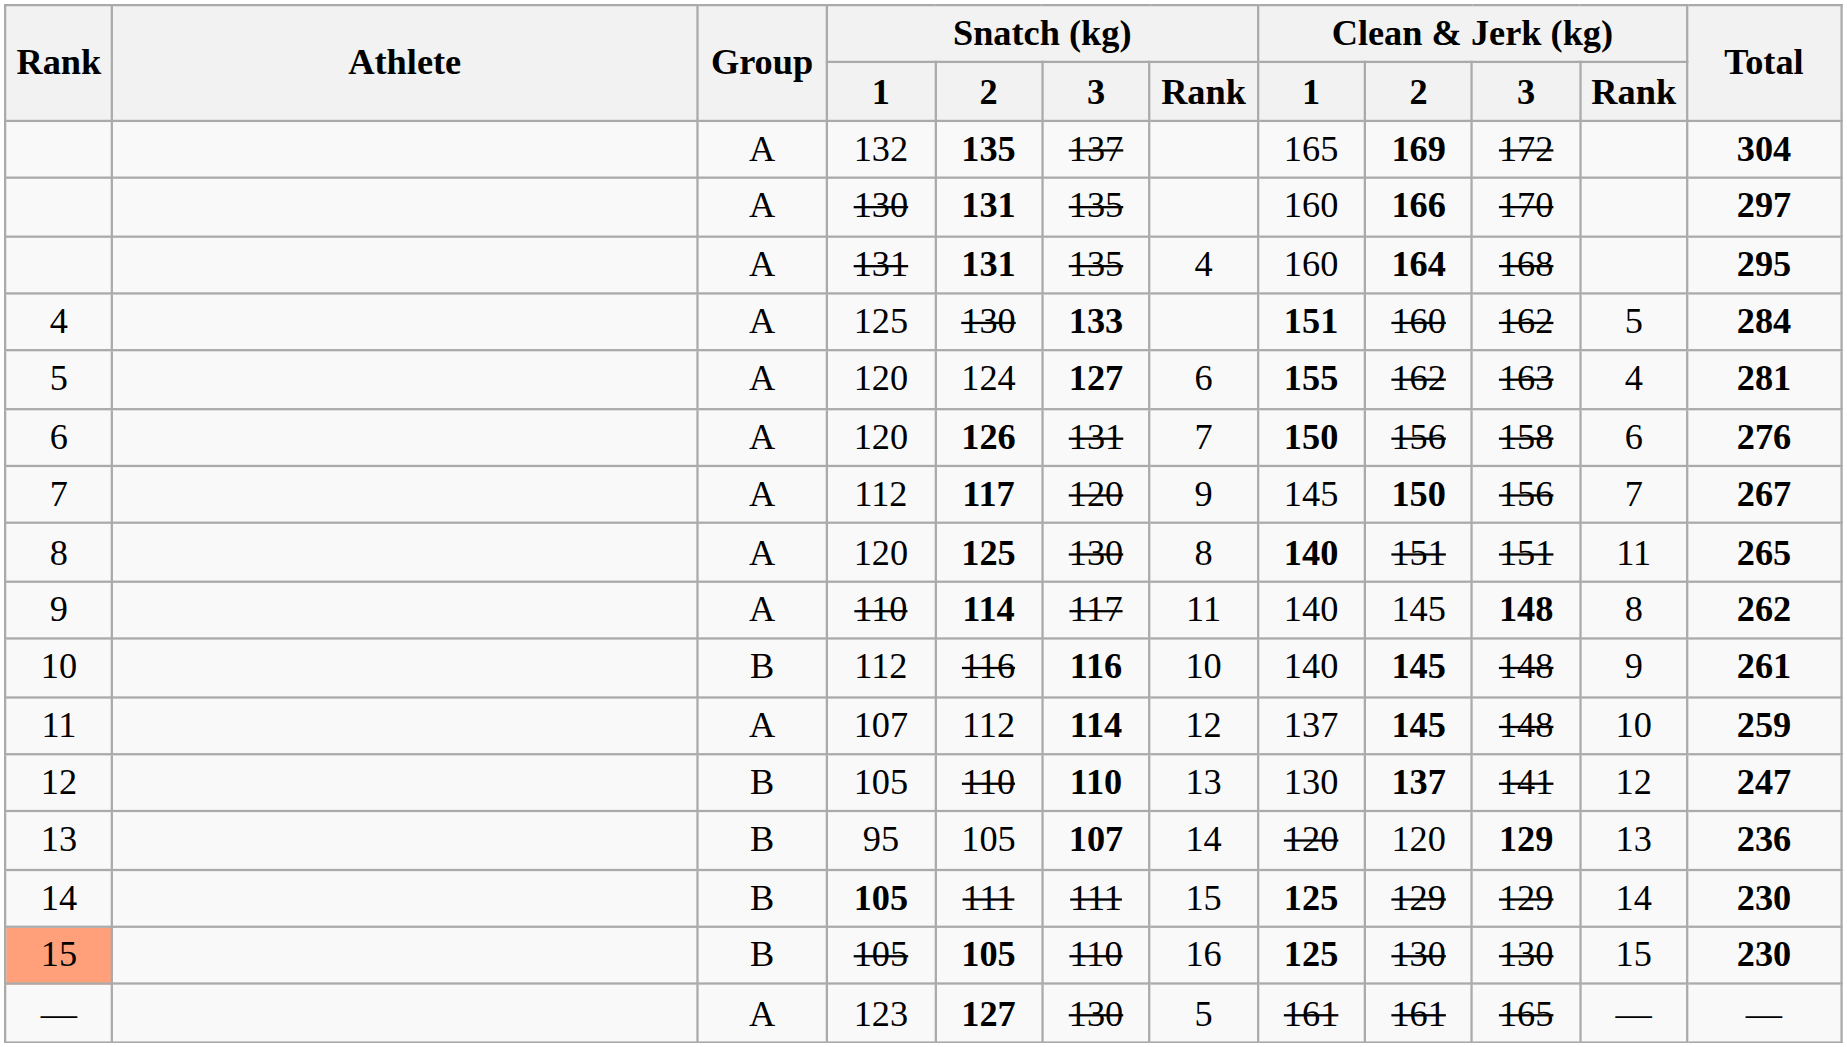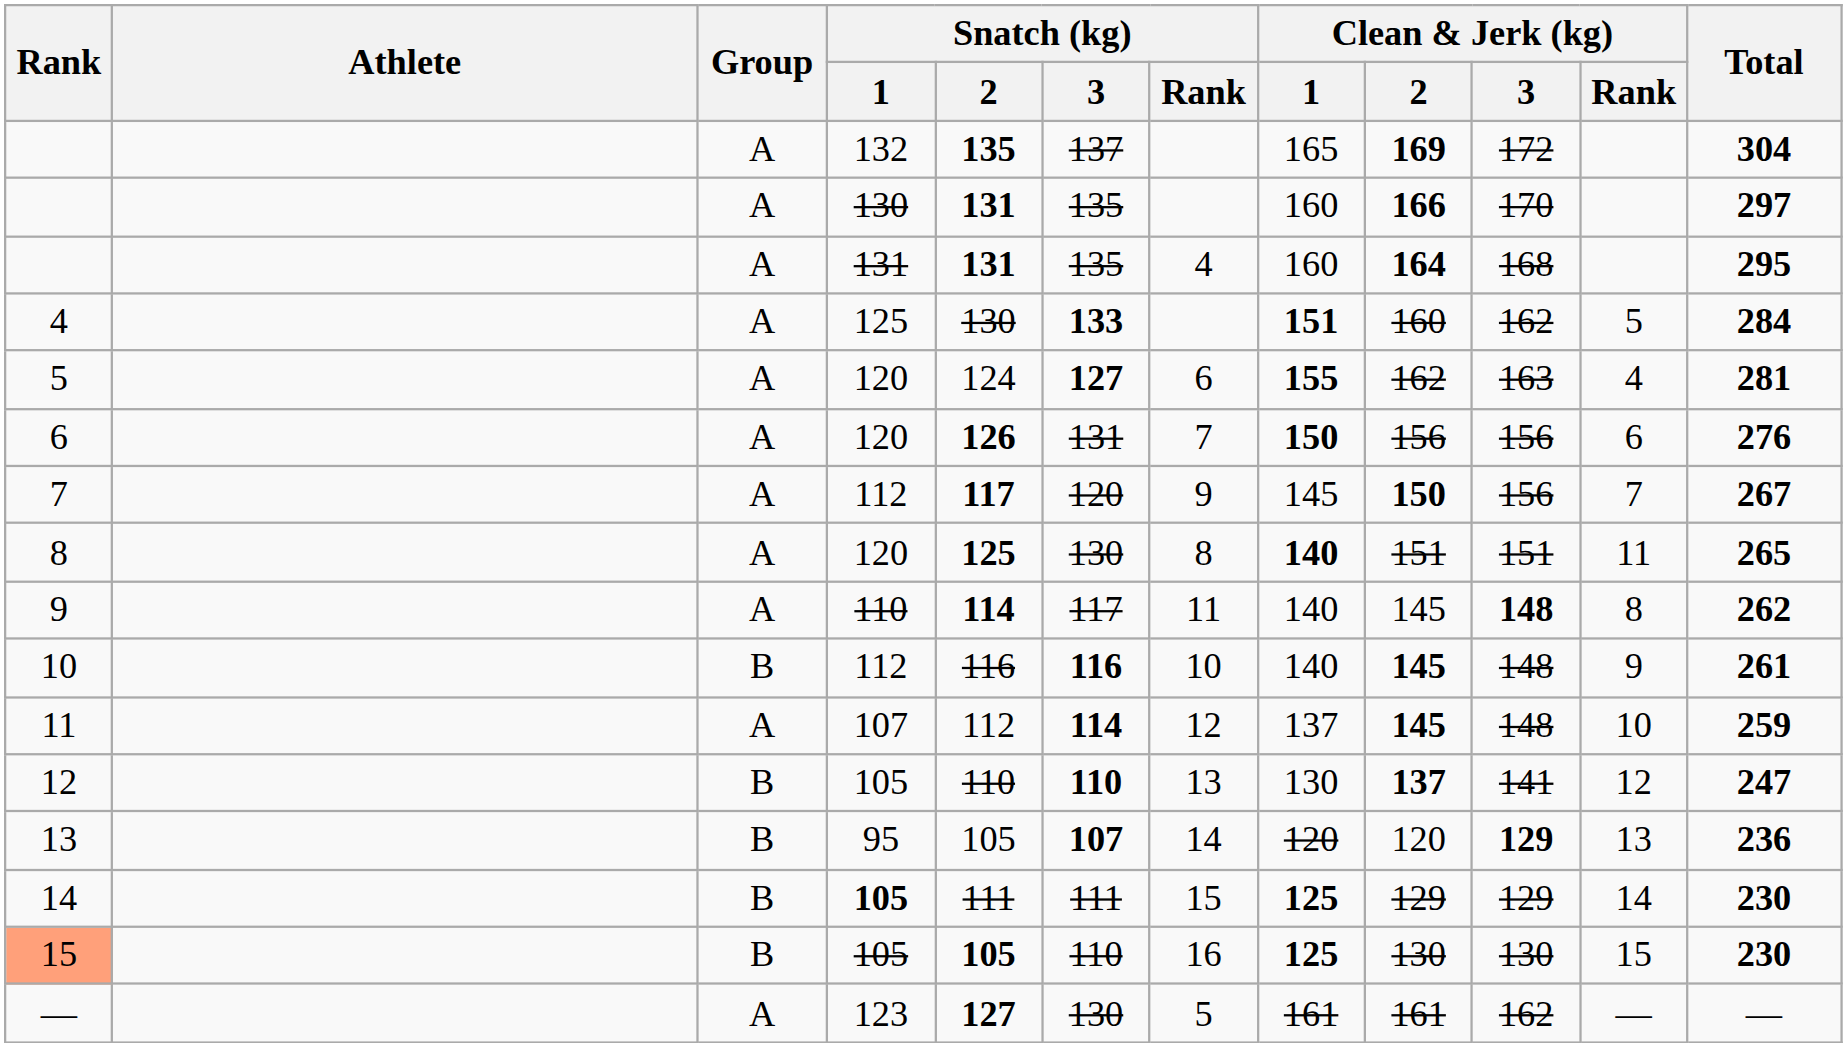 <table class = "wikitable" style="text-align:center;">
 <tr>
 <th rowspan=2 width=40>Rank</th>
 <th rowspan=2 width=250>Athlete</th>
 <th rowspan=2 width=50>Group</th>
 <th colspan=4>Snatch (kg)</th>
 <th colspan=4>Clean & Jerk (kg)</th>
 <th rowspan=2 width=60>Total</th>
 </tr>
 <tr>
 <th width=40>1</th>
 <th width=40>2</th>
 <th width=40>3</th>
 <th width=40>Rank</th>
 <th width=40>1</th>
 <th width=40>2</th>
 <th width=40>3</th>
 <th width=40>Rank</th>
 </tr>
 <tr>
 <td></td>
 <td align=left></td>
 <td>A</td>
 <td>132</td>
 <td><strong>135</strong></td>
 <td><s>137</s></td>
 <td></td>
 <td>165</td>
 <td><strong>169</strong></td>
 <td><s>172</s></td>
 <td></td>
 <td><strong>304</strong></td>
 </tr>
 <tr>
 <td></td>
 <td align=left></td>
 <td>A</td>
 <td><s>130</s></td>
 <td><strong>131</strong></td>
 <td><s>135</s></td>
 <td></td>
 <td>160</td>
 <td><strong>166</strong></td>
 <td><s>170</s></td>
 <td></td>
 <td><strong>297</strong></td>
 </tr>
 <tr>
 <td></td>
 <td align=left></td>
 <td>A</td>
 <td><s>131</s></td>
 <td><strong>131</strong></td>
 <td><s>135</s></td>
 <td>4</td>
 <td>160</td>
 <td><strong>164</strong></td>
 <td><s>168</s></td>
 <td></td>
 <td><strong>295</strong></td>
 </tr>
 <tr>
 <td>4</td>
 <td align=left></td>
 <td>A</td>
 <td>125</td>
 <td><s>130</s></td>
 <td><strong>133</strong></td>
 <td></td>
 <td><strong>151</strong></td>
 <td><s>160</s></td>
 <td><s>162</s></td>
 <td>5</td>
 <td><strong>284</strong></td>
 </tr>
 <tr>
 <td>5</td>
 <td align=left></td>
 <td>A</td>
 <td>120</td>
 <td>124</td>
 <td><strong>127</strong></td>
 <td>6</td>
 <td><strong>155</strong></td>
 <td><s>162</s></td>
 <td><s>163</s></td>
 <td>4</td>
 <td><strong>281</strong></td>
 </tr>
 <tr>
 <td>6</td>
 <td align=left></td>
 <td>A</td>
 <td>120</td>
 <td><strong>126</strong></td>
 <td><s>131</s></td>
 <td>7</td>
 <td><strong>150</strong></td>
 <td><s>156</s></td>
-<td><s>158</s></td>
+<td><s>156</s></td>
 <td>6</td>
 <td><strong>276</strong></td>
 </tr>
 <tr>
 <td>7</td>
 <td align=left></td>
 <td>A</td>
 <td>112</td>
 <td><strong>117</strong></td>
 <td><s>120</s></td>
 <td>9</td>
 <td>145</td>
 <td><strong>150</strong></td>
 <td><s>156</s></td>
 <td>7</td>
 <td><strong>267</strong></td>
 </tr>
 <tr>
 <td>8</td>
 <td align=left></td>
 <td>A</td>
 <td>120</td>
 <td><strong>125</strong></td>
 <td><s>130</s></td>
 <td>8</td>
 <td><strong>140</strong></td>
 <td><s>151</s></td>
 <td><s>151</s></td>
 <td>11</td>
 <td><strong>265</strong></td>
 </tr>
 <tr>
 <td>9</td>
 <td align=left></td>
 <td>A</td>
 <td><s>110</s></td>
 <td><strong>114</strong></td>
 <td><s>117</s></td>
 <td>11</td>
 <td>140</td>
 <td>145</td>
 <td><strong>148</strong></td>
 <td>8</td>
 <td><strong>262</strong></td>
 </tr>
 <tr>
 <td>10</td>
 <td align=left></td>
 <td>B</td>
 <td>112</td>
 <td><s>116</s></td>
 <td><strong>116</strong></td>
 <td>10</td>
 <td>140</td>
 <td><strong>145</strong></td>
 <td><s>148</s></td>
 <td>9</td>
 <td><strong>261</strong></td>
 </tr>
 <tr>
 <td>11</td>
 <td align=left></td>
 <td>A</td>
 <td>107</td>
 <td>112</td>
 <td><strong>114</strong></td>
 <td>12</td>
 <td>137</td>
 <td><strong>145</strong></td>
 <td><s>148</s></td>
 <td>10</td>
 <td><strong>259</strong></td>
 </tr>
 <tr>
 <td>12</td>
 <td align=left></td>
 <td>B</td>
 <td>105</td>
 <td><s>110</s></td>
 <td><strong>110</strong></td>
 <td>13</td>
 <td>130</td>
 <td><strong>137</strong></td>
 <td><s>141</s></td>
 <td>12</td>
 <td><strong>247</strong></td>
 </tr>
 <tr>
 <td>13</td>
 <td align=left></td>
 <td>B</td>
 <td>95</td>
 <td>105</td>
 <td><strong>107</strong></td>
 <td>14</td>
 <td><s>120</s></td>
 <td>120</td>
 <td><strong>129</strong></td>
 <td>13</td>
 <td><strong>236</strong></td>
 </tr>
 <tr>
 <td>14</td>
 <td align=left></td>
 <td>B</td>
 <td><strong>105</strong></td>
 <td><s>111</s></td>
 <td><s>111</s></td>
 <td>15</td>
 <td><strong>125</strong></td>
 <td><s>129</s></td>
 <td><s>129</s></td>
 <td>14</td>
 <td><strong>230</strong></td>
 </tr>
 <tr>
 <td style="background: lightsalmon;">15</td>
 <td align=left></td>
 <td>B</td>
 <td><s>105</s></td>
 <td><strong>105</strong></td>
 <td><s>110</s></td>
 <td>16</td>
 <td><strong>125</strong></td>
 <td><s>130</s></td>
 <td><s>130</s></td>
 <td>15</td>
 <td><strong>230</strong></td>
 </tr>
 <tr>
 <td>—</td>
 <td align=left></td>
 <td>A</td>
 <td>123</td>
 <td><strong>127</strong></td>
 <td><s>130</s></td>
 <td>5</td>
 <td><s>161</s></td>
 <td><s>161</s></td>
-<td><s>165</s></td>
+<td><s>162</s></td>
 <td>—</td>
 <td>—</td>
 </tr>
 </table>
